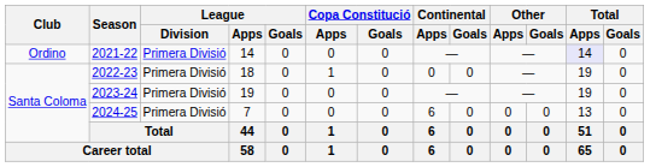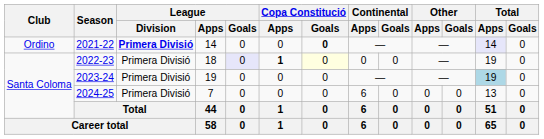 <table class="wikitable" style="text-align: center;">
 <tr>
 <th rowspan="2">Club</th>
 <th rowspan="2">Season</th>
 <th colspan="3">League</th>
 <th colspan="2"><a href='#'>Copa Constitució</a></th>
 <th colspan="2">Continental</th>
 <th colspan="2">Other</th>
 <th colspan="2">Total</th>
 </tr>
 <tr>
 <th>Division</th>
 <th>Apps</th>
 <th>Goals</th>
 <th>Apps</th>
 <th>Goals</th>
 <th>Apps</th>
 <th>Goals</th>
 <th>Apps</th>
 <th>Goals</th>
 <th>Apps</th>
 <th>Goals</th>
 </tr>
 <tr>
 <td><a href='#'>Ordino</a></td>
 <td><a href='#'>2021-22</a></td>
-<td><a href='#'>Primera Divisió</a></td>
+<td><strong><a href='#'>Primera Divisió</a></strong></td>
 <td>14</td>
 <td>0</td>
 <td>0</td>
-<td>0</td>
+<td><strong>0</strong></td>
 <td colspan="2">—</td>
 <td colspan="2">—</td>
 <td style="background: lavender;">14</td>
 <td>0</td>
 </tr>
 <tr>
 <td rowspan="4"><a href='#'>Santa Coloma</a></td>
 <td><a href='#'>2022-23</a></td>
 <td>Primera Divisió</td>
 <td>18</td>
-<td>0</td>
-<td>1</td>
-<td>0</td>
+<td style="background: lavender;">0</td>
+<td><strong>1</strong></td>
+<td style="background: lightyellow;">0</td>
 <td>0</td>
 <td>0</td>
 <td colspan="2">—</td>
 <td>19</td>
 <td>0</td>
 </tr>
 <tr>
 <td><a href='#'>2023-24</a></td>
 <td>Primera Divisió</td>
 <td>19</td>
 <td>0</td>
 <td>0</td>
 <td>0</td>
 <td colspan="2">—</td>
 <td colspan="2">—</td>
-<td>19</td>
+<td style="background: lightblue;">19</td>
 <td>0</td>
 </tr>
 <tr>
 <td><a href='#'>2024-25</a></td>
 <td>Primera Divisió</td>
 <td>7</td>
 <td>0</td>
 <td>0</td>
 <td>0</td>
 <td>6</td>
 <td>0</td>
 <td>0</td>
 <td>0</td>
 <td>13</td>
 <td>0</td>
 </tr>
 <tr>
 <th colspan="2">Total</th>
 <th>44</th>
 <th>0</th>
 <th>1</th>
 <th>0</th>
 <th>6</th>
 <th>0</th>
 <th>0</th>
 <th>0</th>
 <th>51</th>
 <th>0</th>
 </tr>
 <tr>
 <th colspan="3">Career total</th>
 <th>58</th>
 <th>0</th>
 <th>1</th>
 <th>0</th>
 <th>6</th>
 <th>0</th>
 <th>0</th>
 <th>0</th>
 <th>65</th>
 <th>0</th>
 </tr>
 </table>
